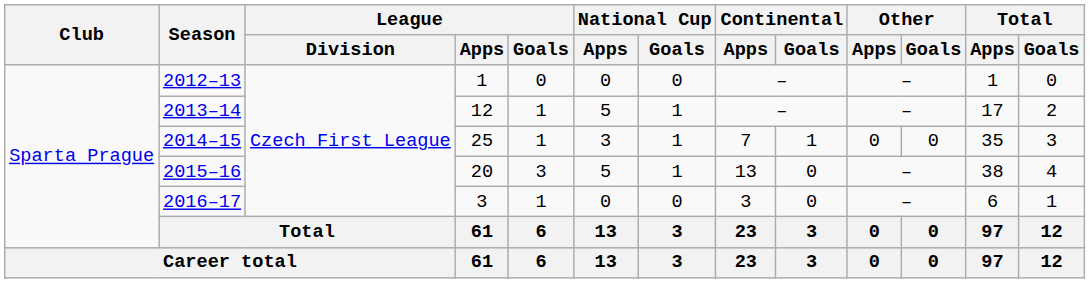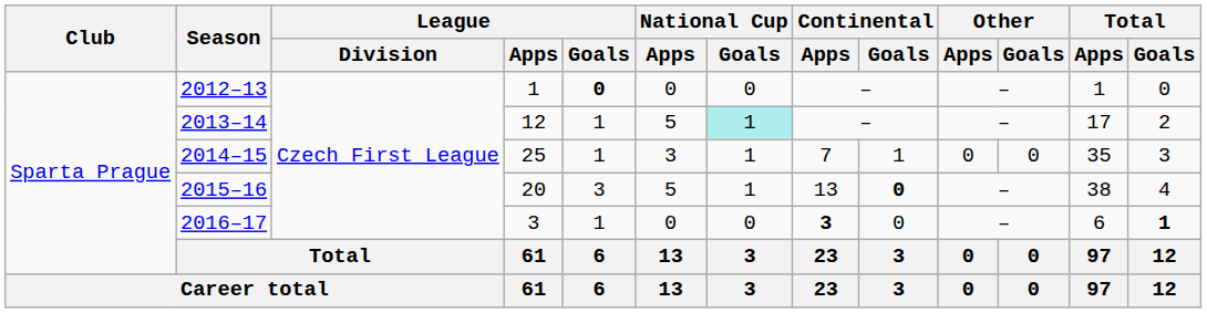 <table class="wikitable" style="text-align: center;">
 <tr>
 <th rowspan="2">Club</th>
 <th rowspan="2">Season</th>
 <th colspan="3">League</th>
 <th colspan="2">National Cup</th>
 <th colspan="2">Continental</th>
 <th colspan="2">Other</th>
 <th colspan="2">Total</th>
 </tr>
 <tr>
 <th>Division</th>
 <th>Apps</th>
 <th>Goals</th>
 <th>Apps</th>
 <th>Goals</th>
 <th>Apps</th>
 <th>Goals</th>
 <th>Apps</th>
 <th>Goals</th>
 <th>Apps</th>
 <th>Goals</th>
 </tr>
 <tr>
 <td rowspan="6" valign="center"><a href='#'>Sparta Prague</a></td>
 <td><a href='#'>2012–13</a></td>
 <td rowspan="5" valign="center"><a href='#'>Czech First League</a></td>
 <td>1</td>
-<td>0</td>
+<td><strong>0</strong></td>
 <td>0</td>
 <td>0</td>
 <td colspan="2">–</td>
 <td colspan="2">–</td>
 <td>1</td>
 <td>0</td>
 </tr>
 <tr>
 <td><a href='#'>2013–14</a></td>
 <td>12</td>
 <td>1</td>
 <td>5</td>
-<td>1</td>
+<td style="background: paleturquoise;">1</td>
 <td colspan="2">–</td>
 <td colspan="2">–</td>
 <td>17</td>
 <td>2</td>
 </tr>
 <tr>
 <td><a href='#'>2014–15</a></td>
 <td>25</td>
 <td>1</td>
 <td>3</td>
 <td>1</td>
 <td>7</td>
 <td>1</td>
 <td>0</td>
 <td>0</td>
 <td>35</td>
 <td>3</td>
 </tr>
 <tr>
 <td><a href='#'>2015–16</a></td>
 <td>20</td>
 <td>3</td>
 <td>5</td>
 <td>1</td>
 <td>13</td>
-<td>0</td>
+<td><strong>0</strong></td>
 <td colspan="2">–</td>
 <td>38</td>
 <td>4</td>
 </tr>
 <tr>
 <td><a href='#'>2016–17</a></td>
 <td>3</td>
 <td>1</td>
 <td>0</td>
 <td>0</td>
-<td>3</td>
+<td><strong>3</strong></td>
 <td>0</td>
 <td colspan="2">–</td>
 <td>6</td>
-<td>1</td>
+<td><strong>1</strong></td>
 </tr>
 <tr>
 <th colspan="2">Total</th>
 <th>61</th>
 <th>6</th>
 <th>13</th>
 <th>3</th>
 <th>23</th>
 <th>3</th>
 <th>0</th>
 <th>0</th>
 <th>97</th>
 <th>12</th>
 </tr>
 <tr>
 <th colspan="3">Career total</th>
 <th>61</th>
 <th>6</th>
 <th>13</th>
 <th>3</th>
 <th>23</th>
 <th>3</th>
 <th>0</th>
 <th>0</th>
 <th>97</th>
 <th>12</th>
 </tr>
 </table>
